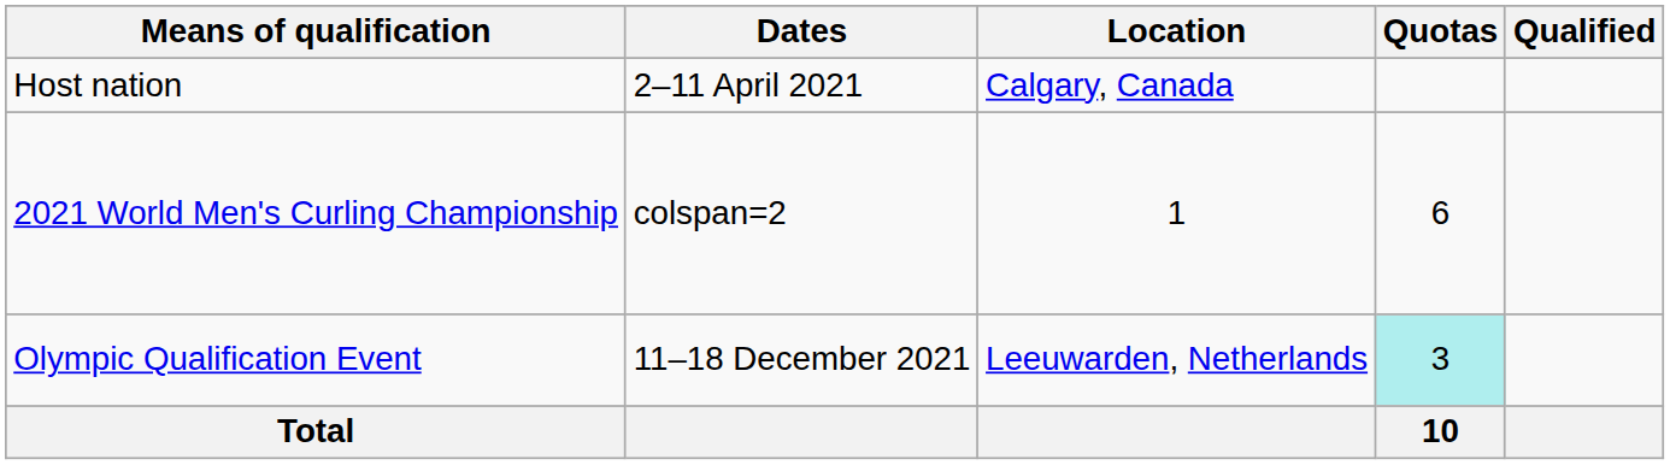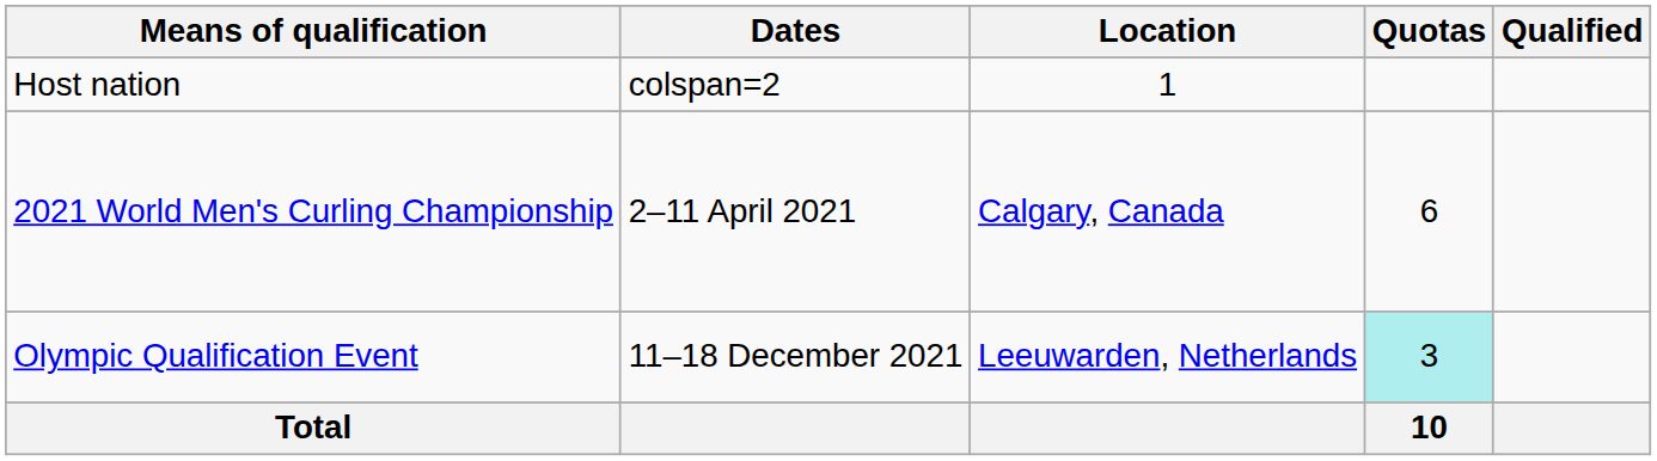 <table class="wikitable">
 <tr>
 <th>Means of qualification</th>
 <th>Dates</th>
 <th>Location</th>
 <th>Quotas</th>
 <th>Qualified</th>
 </tr>
 <tr>
 <td>Host nation</td>
-<td>2–11 April 2021</td>
-<td> <a href='#'>Calgary</a>, <a href='#'>Canada</a></td>
+<td>colspan=2 </td>
+<td align=center>1</td>
 <td></td>
 </tr>
 <tr>
 <td><a href='#'>2021 World Men's Curling Championship</a></td>
-<td>colspan=2 </td>
-<td align=center>1</td>
+<td>2–11 April 2021</td>
+<td> <a href='#'>Calgary</a>, <a href='#'>Canada</a></td>
 <td align=center>6</td>
 <td><br><br><br><br><br></td>
 </tr>
 <tr>
 <td><a href='#'>Olympic Qualification Event</a></td>
 <td>11–18 December 2021</td>
 <td> <a href='#'>Leeuwarden</a>, <a href='#'>Netherlands</a></td>
 <td align=center style="background: paleturquoise;">3</td>
 <td><br><br></td>
 </tr>
 <tr>
 <th>Total</th>
 <th></th>
 <th></th>
 <th>10</th>
 <th></th>
 </tr>
 </table>
